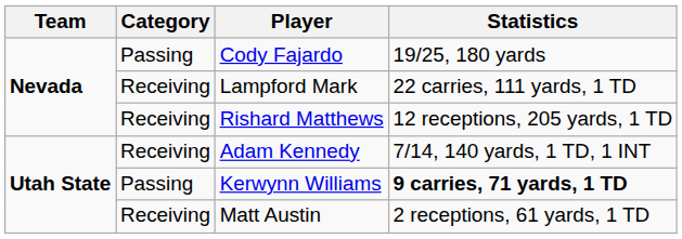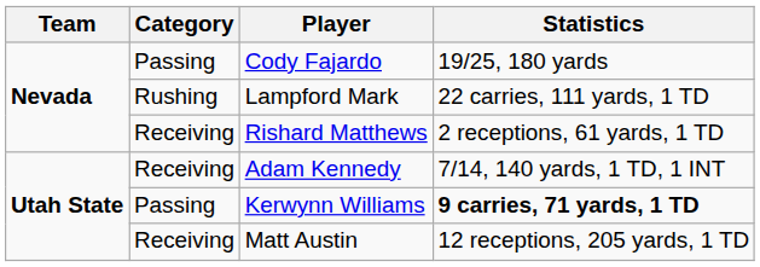 <table class="wikitable" style="float: left;">
 <tr>
 <th>Team</th>
 <th>Category</th>
 <th>Player</th>
 <th>Statistics</th>
 </tr>
 <tr>
 <td rowspan=3><strong>Nevada</strong></td>
 <td>Passing</td>
 <td><a href='#'>Cody Fajardo</a></td>
 <td>19/25, 180 yards</td>
 </tr>
 <tr>
-<td>Receiving</td>
+<td>Rushing</td>
 <td>Lampford Mark</td>
 <td>22 carries, 111 yards, 1 TD</td>
 </tr>
 <tr>
 <td>Receiving</td>
 <td><a href='#'>Rishard Matthews</a></td>
-<td>12 receptions, 205 yards, 1 TD</td>
+<td>2 receptions, 61 yards, 1 TD</td>
 </tr>
 <tr>
 <td rowspan=3><strong>Utah State</strong></td>
 <td>Receiving</td>
 <td><a href='#'>Adam Kennedy</a></td>
 <td>7/14, 140 yards, 1 TD, 1 INT</td>
 </tr>
 <tr>
 <td>Passing</td>
 <td><a href='#'>Kerwynn Williams</a></td>
 <td><strong>9 carries, 71 yards, 1 TD</strong></td>
 </tr>
 <tr>
 <td>Receiving</td>
 <td>Matt Austin</td>
-<td>2 receptions, 61 yards, 1 TD</td>
+<td>12 receptions, 205 yards, 1 TD</td>
 </tr>
 </table>
